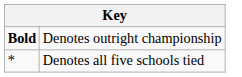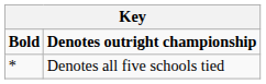 <table class="wikitable">
 <tr>
 <th colspan="10"><strong>Key</strong></th>
 </tr>
 <tr>
 <td><strong>Bold</strong></td>
-<td>Denotes outright championship</td>
+<td><strong>Denotes outright championship</strong></td>
 </tr>
 <tr>
 <td>*</td>
 <td>Denotes all five schools tied</td>
 </tr>
 </table>
